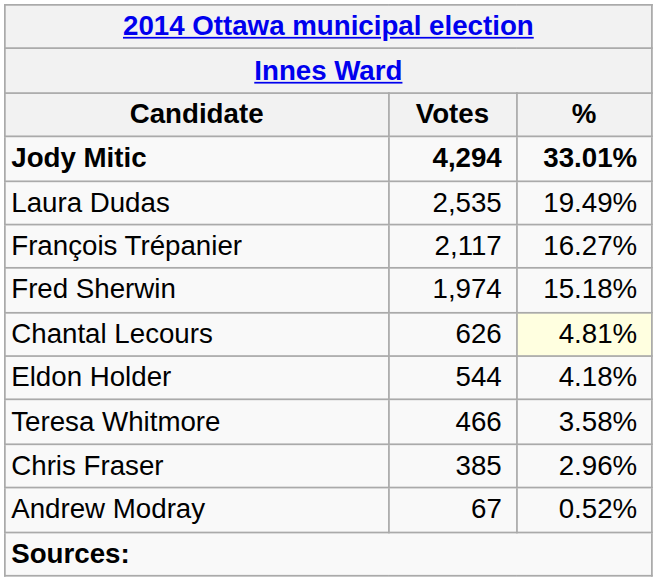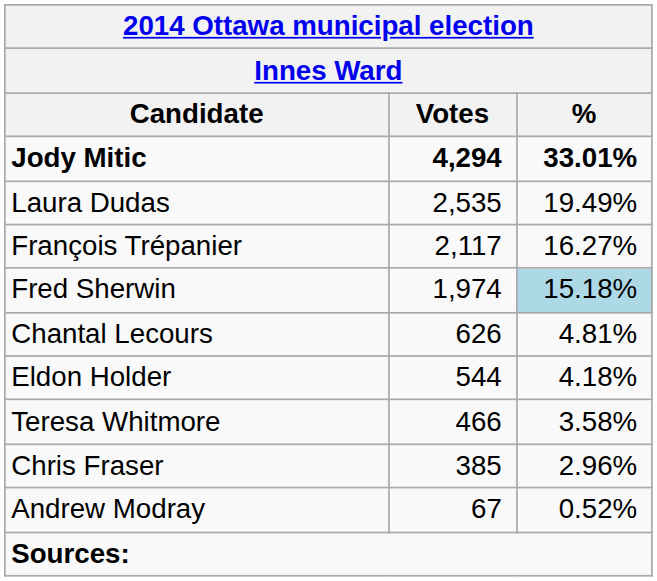 <table class="wikitable" width=375>
 <tr>
 <th colspan="3"><a href='#'>2014 Ottawa municipal election</a></th>
 </tr>
 <tr>
 <th colspan="3"><a href='#'>Innes Ward</a></th>
 </tr>
 <tr>
 <th width=220>Candidate</th>
 <th>Votes</th>
 <th>%</th>
 </tr>
 <tr>
 <td><strong>Jody Mitic</strong></td>
 <td align=right style="padding-left:25px;padding-right:8px;"><strong>4,294</strong></td>
 <td align=right style="padding-left:15px;padding-right:8px;"><strong>33.01%</strong></td>
 </tr>
 <tr>
 <td>Laura Dudas</td>
 <td align=right style="padding-left:25px;padding-right:8px;">2,535</td>
 <td align=right style="padding-left:15px;padding-right:8px;">19.49%</td>
 </tr>
 <tr>
 <td>François Trépanier</td>
 <td align=right style="padding-left:25px;padding-right:8px;">2,117</td>
 <td align=right style="padding-left:15px;padding-right:8px;">16.27%</td>
 </tr>
 <tr>
 <td>Fred Sherwin</td>
 <td align=right style="padding-left:25px;padding-right:8px;">1,974</td>
-<td align=right style="padding-left:15px;padding-right:8px;">15.18%</td>
+<td align=right style="background: lightblue; padding-left:15px;padding-right:8px;">15.18%</td>
 </tr>
 <tr>
 <td>Chantal Lecours</td>
 <td align=right style="padding-left:25px;padding-right:8px;">626</td>
-<td align=right style="background: lightyellow; padding-left:15px;padding-right:8px;">4.81%</td>
+<td align=right style="padding-left:15px;padding-right:8px;">4.81%</td>
 </tr>
 <tr>
 <td>Eldon Holder</td>
 <td align=right style="padding-left:25px;padding-right:8px;">544</td>
 <td align=right style="padding-left:15px;padding-right:8px;">4.18%</td>
 </tr>
 <tr>
 <td>Teresa Whitmore</td>
 <td align=right style="padding-left:25px;padding-right:8px;">466</td>
 <td align=right style="padding-left:15px;padding-right:8px;">3.58%</td>
 </tr>
 <tr>
 <td>Chris Fraser</td>
 <td align=right style="padding-left:25px;padding-right:8px;">385</td>
 <td align=right style="padding-left:15px;padding-right:8px;">2.96%</td>
 </tr>
 <tr>
 <td>Andrew Modray</td>
 <td align=right style="padding-left:25px;padding-right:8px;">67</td>
 <td align=right style="padding-left:15px;padding-right:8px;">0.52%</td>
 </tr>
 <tr>
 <td colspan="3"><strong>Sources:</strong></td>
 </tr>
 </table>
